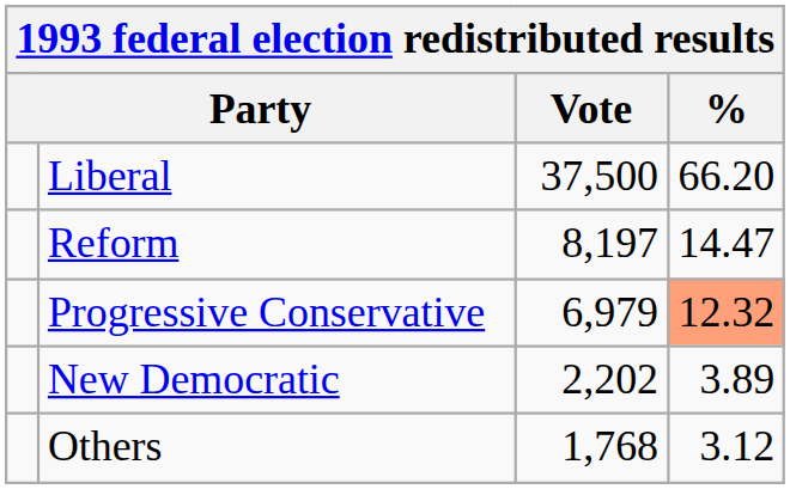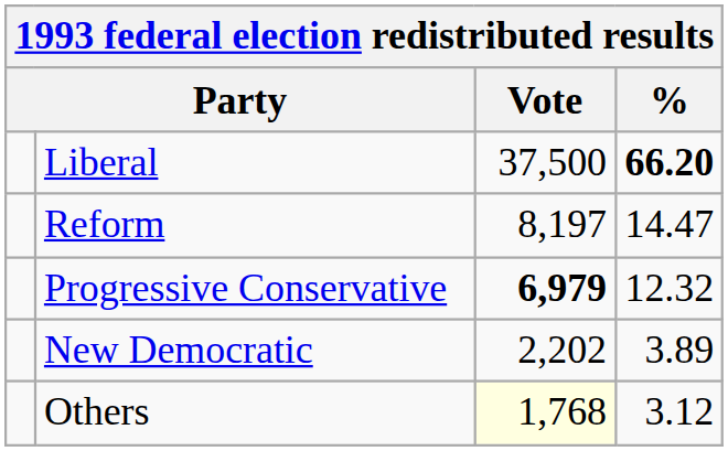 <table class="wikitable">
 <tr>
 <th colspan="4"><a href='#'>1993 federal election</a> redistributed results</th>
 </tr>
 <tr>
 <th bgcolor="#DDDDFF" width="130px" colspan="2">Party</th>
 <th bgcolor="#DDDDFF" width="50px">Vote</th>
 <th bgcolor="#DDDDFF" width="30px">%</th>
 </tr>
 <tr>
 <td> </td>
 <td><a href='#'>Liberal</a></td>
 <td align=right>37,500</td>
-<td align=right>66.20</td>
+<td align=right><strong>66.20</strong></td>
 </tr>
 <tr>
 <td> </td>
 <td><a href='#'>Reform</a></td>
 <td align=right>8,197</td>
 <td align=right>14.47</td>
 </tr>
 <tr>
 <td> </td>
 <td><a href='#'>Progressive Conservative</a></td>
-<td align=right>6,979</td>
-<td align=right style="background: lightsalmon;">12.32</td>
+<td align=right><strong>6,979</strong></td>
+<td align=right>12.32</td>
 </tr>
 <tr>
 <td> </td>
 <td><a href='#'>New Democratic</a></td>
 <td align=right>2,202</td>
 <td align=right>3.89</td>
 </tr>
 <tr>
 <td> </td>
 <td>Others</td>
-<td align=right>1,768</td>
+<td align=right style="background: lightyellow;">1,768</td>
 <td align=right>3.12</td>
 </tr>
 </table>
